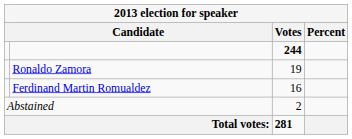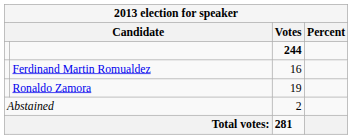 <table class="wikitable">
 <tr>
 <th colspan=4 style="background:#f5f5f5">2013 election for speaker</th>
 </tr>
 <tr>
 <th colspan=2>Candidate</th>
 <th>Votes</th>
 <th>Percent</th>
 </tr>
 <tr>
 <td style="background-color: "></td>
 <td style="width: 22em;"></td>
 <td style="text-align:right"><strong>244</strong></td>
 <td style="text-align:right"><strong></strong></td>
 </tr>
 <tr>
 <td style="background-color: "></td>
-<td {{nowrap><a href='#'>Ronaldo Zamora</a> </td>
-<td style="text-align:right">19</td>
+<td {{nowrap><a href='#'>Ferdinand Martin Romualdez</a> </td>
+<td style="text-align:right">16</td>
 <td style="text-align:right"></td>
 </tr>
 <tr>
 <td style="background-color: "></td>
-<td {{nowrap><a href='#'>Ferdinand Martin Romualdez</a> </td>
-<td style="text-align:right">16</td>
+<td {{nowrap><a href='#'>Ronaldo Zamora</a> </td>
+<td style="text-align:right">19</td>
 <td style="text-align:right"></td>
 </tr>
 <tr>
 <td colspan=2><em>Abstained</em></td>
 <td style="text-align:right">2</td>
 <td style="text-align:right"></td>
 </tr>
 <tr>
 <th colspan=2 style="text-align:right">Total votes:</th>
 <td><strong>281</strong></td>
 <th></th>
 </tr>
 </table>
